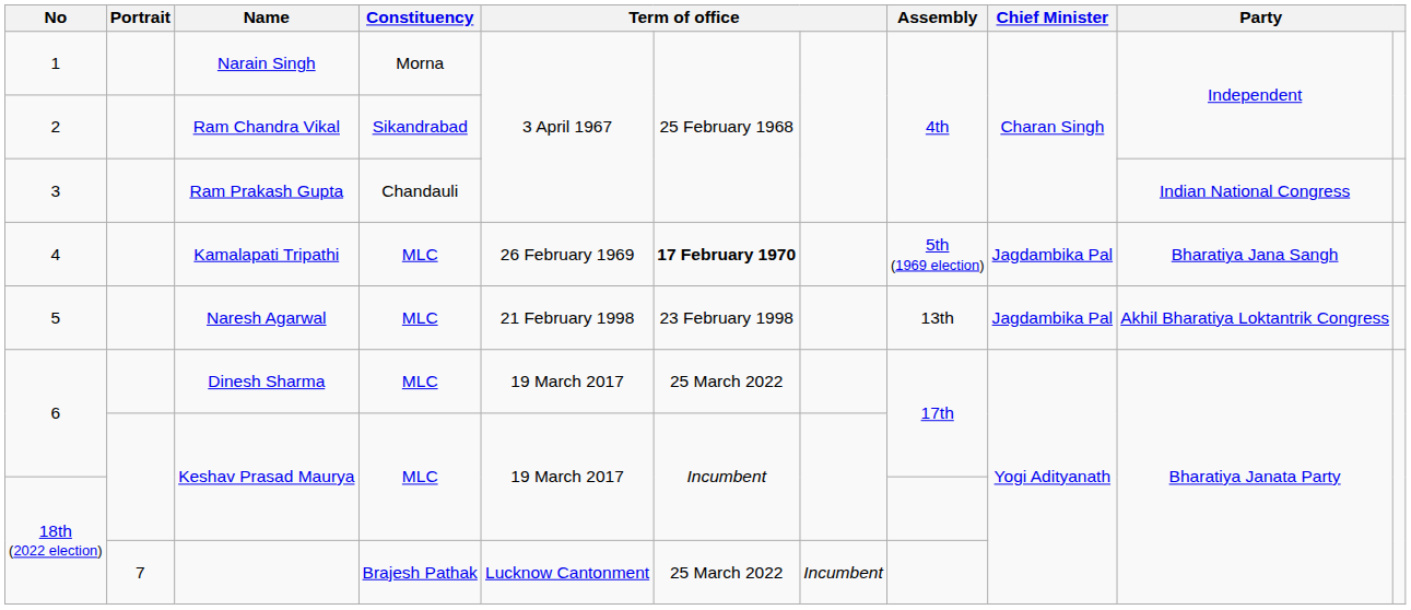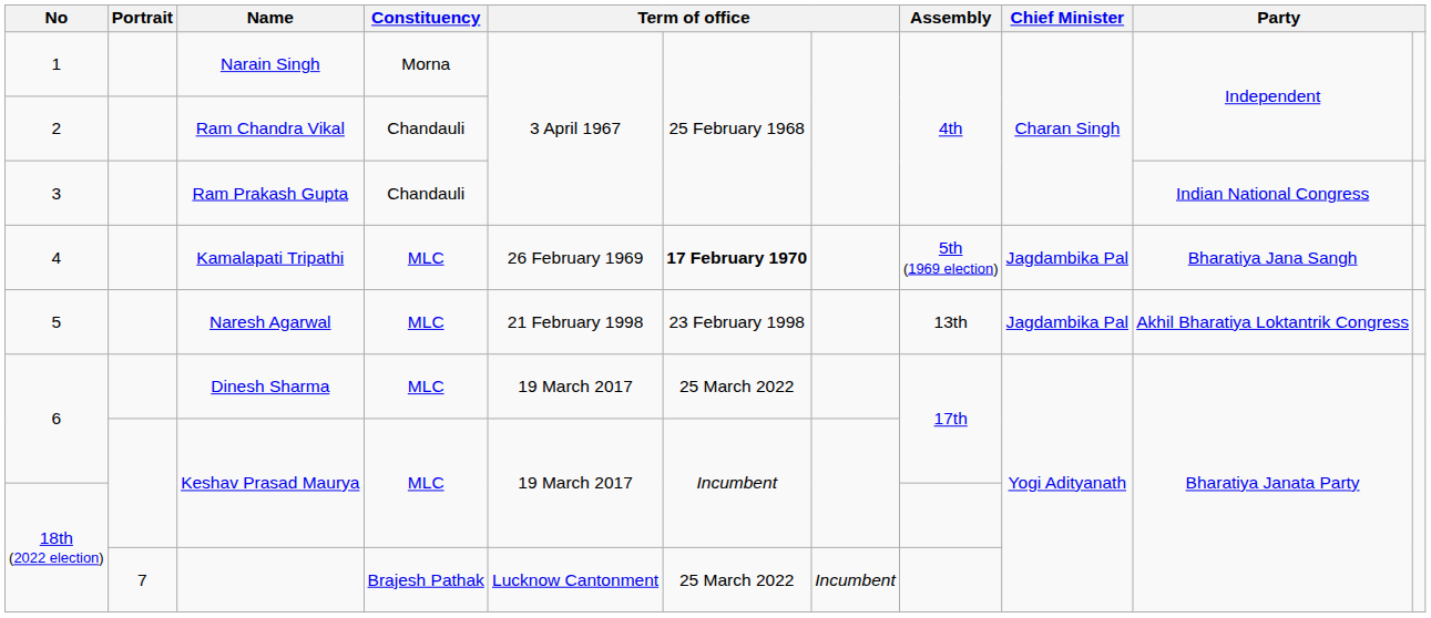 <table class="wikitable">
 <tr>
 <th>No</th>
 <th>Portrait</th>
 <th>Name</th>
 <th><a href='#'>Constituency</a></th>
 <th colspan="3">Term of office</th>
 <th>Assembly<br></th>
 <th><a href='#'>Chief Minister</a></th>
 <th colspan="2">Party</th>
 </tr>
 <tr align="center" style="height: 60px;">
 <td>1</td>
 <td></td>
 <td><a href='#'>Narain Singh</a></td>
 <td>Morna</td>
 <td rowspan="3">3 April 1967</td>
 <td rowspan="3">25 February 1968</td>
 <td rowspan="3"></td>
 <td rowspan="3"><a href='#'>4th</a><br></td>
 <td rowspan="3"><a href='#'>Charan Singh</a></td>
 <td rowspan="2"><a href='#'>Independent</a></td>
 <td rowspan="2" width="4px" style="background-color: "></td>
 </tr>
 <tr align="center" style="height: 60px;">
 <td>2</td>
 <td></td>
 <td><a href='#'>Ram Chandra Vikal</a></td>
-<td><a href='#'>Sikandrabad</a></td>
+<td>Chandauli</td>
 </tr>
 <tr align="center" style="height: 60px;">
 <td>3</td>
 <td></td>
 <td><a href='#'>Ram Prakash Gupta</a></td>
 <td>Chandauli</td>
 <td><a href='#'>Indian National Congress</a></td>
 <td width="4px" style="background-color: "></td>
 </tr>
 <tr align="center" style="height: 60px;">
 <td>4</td>
 <td></td>
 <td><a href='#'>Kamalapati Tripathi</a></td>
 <td><a href='#'>MLC</a></td>
 <td>26 February 1969</td>
 <td><strong>17 February 1970</strong></td>
 <td></td>
 <td><a href='#'>5th</a><br><small>(<a href='#'>1969 election</a>)</small></td>
 <td><a href='#'>Jagdambika Pal</a></td>
 <td><a href='#'>Bharatiya Jana Sangh</a></td>
 <td width="4px" style="background-color: "></td>
 </tr>
 <tr align="center" style="height: 60px;">
 <td>5</td>
 <td></td>
 <td><a href='#'>Naresh Agarwal</a></td>
 <td><a href='#'>MLC</a></td>
 <td>21 February 1998</td>
 <td>23 February 1998</td>
 <td></td>
 <td>13th<br></td>
 <td><a href='#'>Jagdambika Pal</a></td>
 <td><a href='#'>Akhil Bharatiya Loktantrik Congress</a></td>
 <td width="4px" style="background-color: "></td>
 </tr>
 <tr align="center" style="height: 60px;">
 <td rowspan=2>6</td>
 <td></td>
 <td><a href='#'>Dinesh Sharma</a></td>
 <td><a href='#'>MLC</a></td>
 <td>19 March 2017</td>
 <td>25 March 2022</td>
 <td></td>
 <td rowspan="2"><a href='#'>17th</a><br></td>
 <td rowspan="4"><a href='#'>Yogi Adityanath</a></td>
 <td rowspan="4"><a href='#'>Bharatiya Janata Party</a></td>
 <td rowspan="4" width="4px" style="background-color: "></td>
 </tr>
 <tr align="center" style="height: 60px;">
 <td rowspan="2"></td>
 <td rowspan="2"><a href='#'>Keshav Prasad Maurya</a></td>
 <td rowspan="2"><a href='#'>MLC</a></td>
 <td rowspan="2">19 March 2017</td>
 <td rowspan="2"><em>Incumbent</em></td>
 <td rowspan="2"></td>
 </tr>
 <tr align="center" style="height: 60px;">
 <td rowspan="2"><a href='#'>18th</a><br><small>(<a href='#'>2022 election</a>)</small></td>
 </tr>
 <tr align="center" style="height: 60px;">
 <td>7</td>
 <td></td>
 <td><a href='#'>Brajesh Pathak</a></td>
 <td><a href='#'>Lucknow Cantonment</a></td>
 <td>25 March 2022</td>
 <td><em>Incumbent</em></td>
 <td></td>
 </tr>
 </table>
